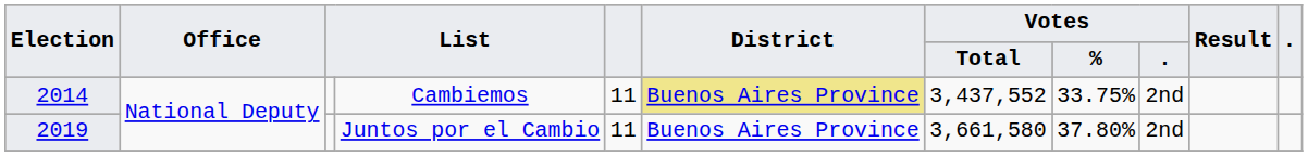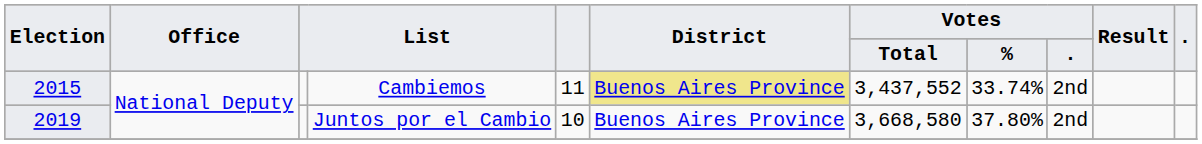 <table class="wikitable" style="font-size:90%; text-align:center;">
 <tr>
 <th style="background-color:#EAECF0;" rowspan=2>Election</th>
 <th style="background-color:#EAECF0;" rowspan=2>Office</th>
 <th style="background-color:#EAECF0;" colspan=2 rowspan=2>List</th>
 <th style="background-color:#EAECF0;" rowspan=2></th>
 <th style="background-color:#EAECF0;" rowspan=2>District</th>
 <th style="background-color:#EAECF0;" colspan=3>Votes</th>
 <th style="background-color:#EAECF0;" rowspan=2>Result</th>
 <th style="background-color:#EAECF0;" rowspan=2>.</th>
 </tr>
 <tr>
 <th style="background-color:#EAECF0;">Total</th>
 <th style="background-color:#EAECF0;">%</th>
 <th style="background-color:#EAECF0;">.</th>
 </tr>
 <tr>
-<td style="background-color:#EAECF0;"><a href='#'>2014</a></td>
+<td style="background-color:#EAECF0;"><a href='#'>2015</a></td>
 <td rowspan=2><a href='#'>National Deputy</a></td>
 <td style="background-color:"></td>
 <td><a href='#'>Cambiemos</a></td>
 <td>11</td>
 <td style="background: khaki;"><a href='#'>Buenos Aires Province</a></td>
 <td>3,437,552</td>
-<td>33.75%</td>
+<td>33.74%</td>
 <td>2nd</td>
 <td></td>
 <td></td>
 </tr>
 <tr>
 <td style="background-color:#EAECF0;"><a href='#'>2019</a></td>
 <td style="background-color:"></td>
 <td><a href='#'>Juntos por el Cambio</a></td>
-<td>11</td>
+<td>10</td>
 <td><a href='#'>Buenos Aires Province</a></td>
-<td>3,661,580</td>
+<td>3,668,580</td>
 <td>37.80%</td>
 <td>2nd</td>
 <td></td>
 <td></td>
 </tr>
 <tr>
 </tr>
 </table>
